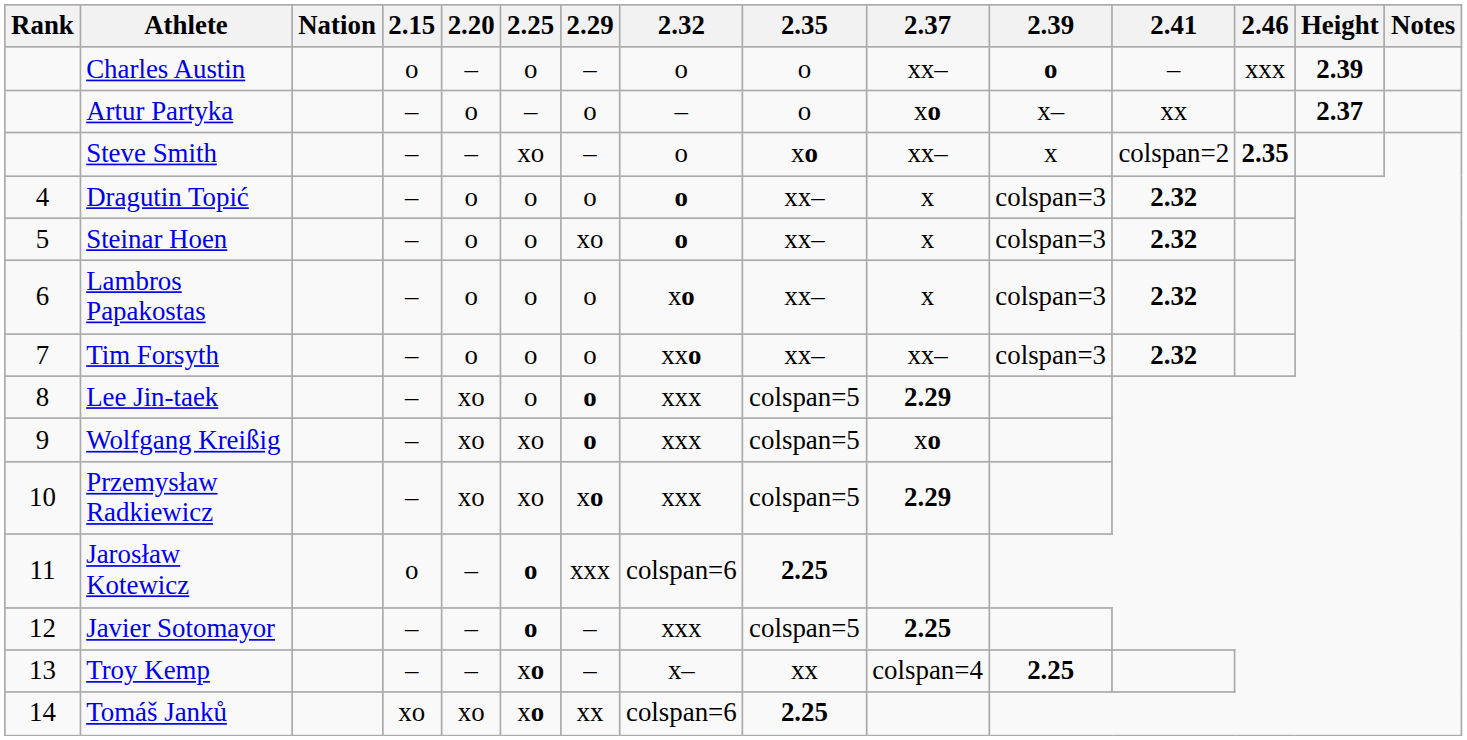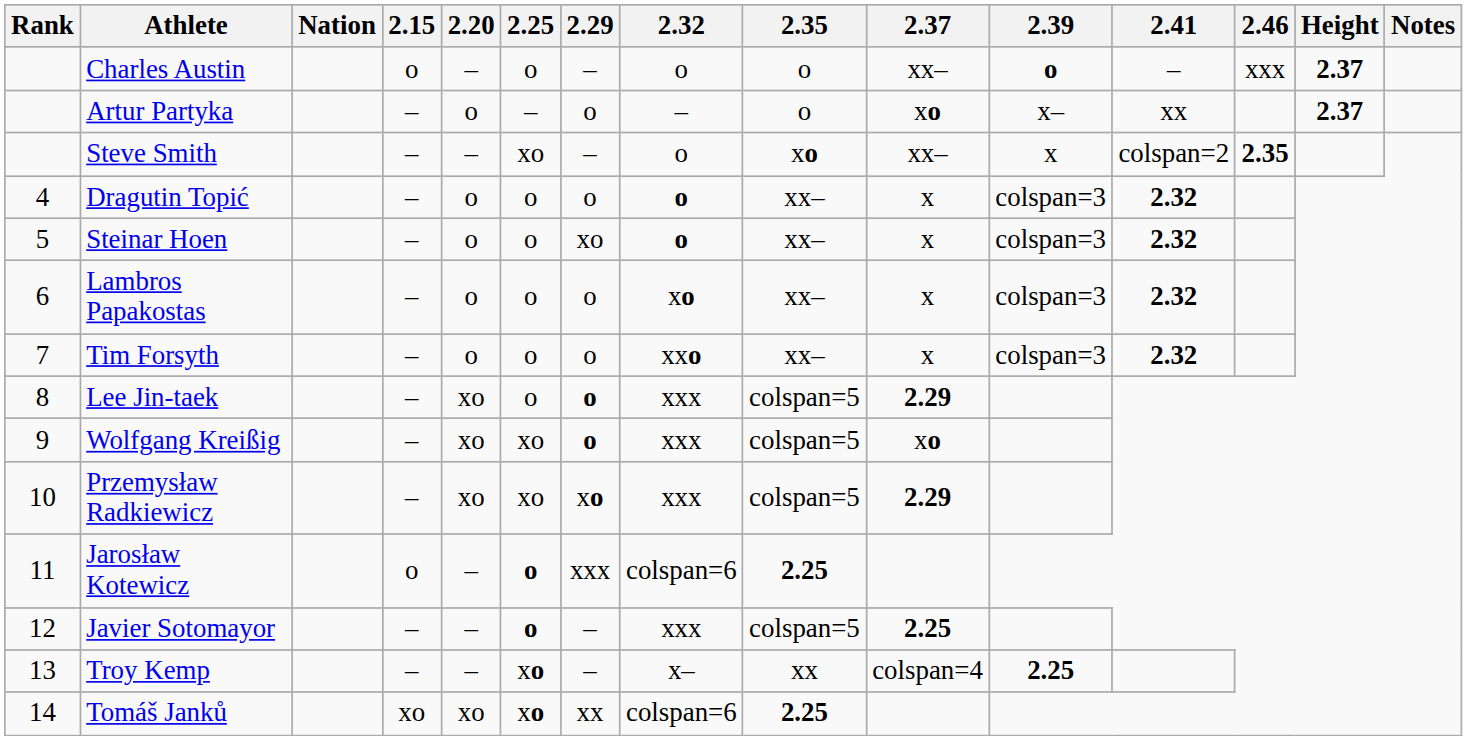 <table class="wikitable sortable" style="text-align:center">
 <tr>
 <th>Rank</th>
 <th>Athlete</th>
 <th>Nation</th>
 <th>2.15</th>
 <th>2.20</th>
 <th>2.25</th>
 <th>2.29</th>
 <th>2.32</th>
 <th>2.35</th>
 <th>2.37</th>
 <th>2.39</th>
 <th>2.41</th>
 <th>2.46</th>
 <th>Height</th>
 <th>Notes</th>
 </tr>
 <tr>
 <td></td>
 <td align=left><a href='#'>Charles Austin</a></td>
 <td align=left></td>
 <td>o</td>
 <td>–</td>
 <td>o</td>
 <td>–</td>
 <td>o</td>
 <td>o</td>
 <td>xx–</td>
 <td><strong>o</strong></td>
 <td>–</td>
 <td>xxx</td>
-<td><strong>2.39</strong></td>
+<td><strong>2.37</strong></td>
 <td></td>
 </tr>
 <tr>
 <td></td>
 <td align=left><a href='#'>Artur Partyka</a></td>
 <td align=left></td>
 <td>–</td>
 <td>o</td>
 <td>–</td>
 <td>o</td>
 <td>–</td>
 <td>o</td>
 <td>x<strong>o</strong></td>
 <td>x–</td>
 <td>xx</td>
 <td></td>
 <td><strong>2.37</strong></td>
 <td></td>
 </tr>
 <tr>
 <td></td>
 <td align=left><a href='#'>Steve Smith</a></td>
 <td align=left></td>
 <td>–</td>
 <td>–</td>
 <td>xo</td>
 <td>–</td>
 <td>o</td>
 <td>x<strong>o</strong></td>
 <td>xx–</td>
 <td>x</td>
 <td>colspan=2 </td>
 <td><strong>2.35</strong></td>
 <td></td>
 </tr>
 <tr>
 <td>4</td>
 <td align=left><a href='#'>Dragutin Topić</a></td>
 <td align=left></td>
 <td>–</td>
 <td>o</td>
 <td>o</td>
 <td>o</td>
 <td><strong>o</strong></td>
 <td>xx–</td>
 <td>x</td>
 <td>colspan=3 </td>
 <td><strong>2.32</strong></td>
 <td></td>
 </tr>
 <tr>
 <td>5</td>
 <td align=left><a href='#'>Steinar Hoen</a></td>
 <td align=left></td>
 <td>–</td>
 <td>o</td>
 <td>o</td>
 <td>xo</td>
 <td><strong>o</strong></td>
 <td>xx–</td>
 <td>x</td>
 <td>colspan=3 </td>
 <td><strong>2.32</strong></td>
 <td></td>
 </tr>
 <tr>
 <td>6</td>
 <td align=left><a href='#'>Lambros Papakostas</a></td>
 <td align=left></td>
 <td>–</td>
 <td>o</td>
 <td>o</td>
 <td>o</td>
 <td>x<strong>o</strong></td>
 <td>xx–</td>
 <td>x</td>
 <td>colspan=3 </td>
 <td><strong>2.32</strong></td>
 <td></td>
 </tr>
 <tr>
 <td>7</td>
 <td align=left><a href='#'>Tim Forsyth</a></td>
 <td align=left></td>
 <td>–</td>
 <td>o</td>
 <td>o</td>
 <td>o</td>
 <td>xx<strong>o</strong></td>
 <td>xx–</td>
-<td>xx–</td>
+<td>x</td>
 <td>colspan=3 </td>
 <td><strong>2.32</strong></td>
 <td></td>
 </tr>
 <tr>
 <td>8</td>
 <td align=left><a href='#'>Lee Jin-taek</a></td>
 <td align=left></td>
 <td>–</td>
 <td>xo</td>
 <td>o</td>
 <td><strong>o</strong></td>
 <td>xxx</td>
 <td>colspan=5 </td>
 <td><strong>2.29</strong></td>
 <td></td>
 </tr>
 <tr>
 <td>9</td>
 <td align=left><a href='#'>Wolfgang Kreißig</a></td>
 <td align=left></td>
 <td>–</td>
 <td>xo</td>
 <td>xo</td>
 <td><strong>o</strong></td>
 <td>xxx</td>
 <td>colspan=5 </td>
 <td>x<strong>o</strong></td>
 <td></td>
 </tr>
 <tr>
 <td>10</td>
 <td align=left><a href='#'>Przemysław Radkiewicz</a></td>
 <td align=left></td>
 <td>–</td>
 <td>xo</td>
 <td>xo</td>
 <td>x<strong>o</strong></td>
 <td>xxx</td>
 <td>colspan=5 </td>
 <td><strong>2.29</strong></td>
 <td></td>
 </tr>
 <tr>
 <td>11</td>
 <td align=left><a href='#'>Jarosław Kotewicz</a></td>
 <td align=left></td>
 <td>o</td>
 <td>–</td>
 <td><strong>o</strong></td>
 <td>xxx</td>
 <td>colspan=6 </td>
 <td><strong>2.25</strong></td>
 <td></td>
 </tr>
 <tr>
 <td>12</td>
 <td align=left><a href='#'>Javier Sotomayor</a></td>
 <td align=left></td>
 <td>–</td>
 <td>–</td>
 <td><strong>o</strong></td>
 <td>–</td>
 <td>xxx</td>
 <td>colspan=5 </td>
 <td><strong>2.25</strong></td>
 <td></td>
 </tr>
 <tr>
 <td>13</td>
 <td align=left><a href='#'>Troy Kemp</a></td>
 <td align=left></td>
 <td>–</td>
 <td>–</td>
 <td>x<strong>o</strong></td>
 <td>–</td>
 <td>x–</td>
 <td>xx</td>
 <td>colspan=4 </td>
 <td><strong>2.25</strong></td>
 <td></td>
 </tr>
 <tr>
 <td>14</td>
 <td align=left><a href='#'>Tomáš Janků</a></td>
 <td align=left></td>
 <td>xo</td>
 <td>xo</td>
 <td>x<strong>o</strong></td>
 <td>xx</td>
 <td>colspan=6 </td>
 <td><strong>2.25</strong></td>
 <td></td>
 </tr>
 </table>
